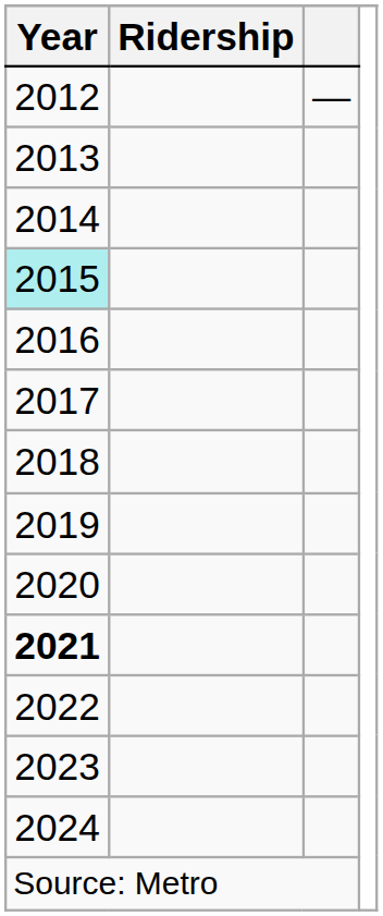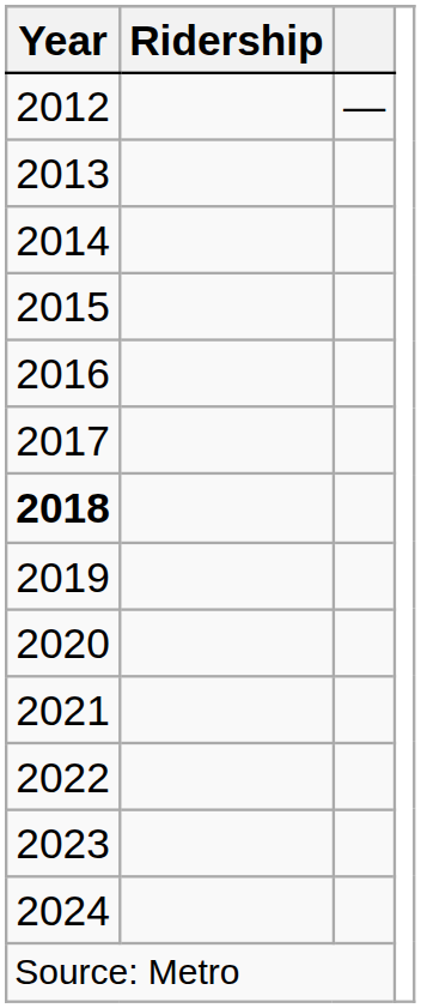 <table class="wikitable" style="border-spacing: 1px; text-align:center; font-size:95%;">
 <tr>
 </tr>
 <tr>
 <th style="border-bottom:1px solid black">Year</th>
 <th style="border-bottom:1px solid black">Ridership</th>
 <th style="border-bottom:1px solid black"></th>
 <th rowspan="15" style="background:#fff;"></th>
 </tr>
 <tr>
 <td>2012</td>
 <td></td>
 <td>—</td>
 </tr>
 <tr>
 <td>2013</td>
 <td></td>
 <td></td>
 </tr>
 <tr>
 <td>2014</td>
 <td></td>
 <td></td>
 </tr>
 <tr>
-<td style="background: paleturquoise;">2015</td>
+<td>2015</td>
 <td></td>
 <td></td>
 </tr>
 <tr>
 <td>2016</td>
 <td></td>
 <td></td>
 </tr>
 <tr>
 <td>2017</td>
 <td></td>
 <td></td>
 </tr>
 <tr>
-<td>2018</td>
+<td><strong>2018</strong></td>
 <td></td>
 <td></td>
 </tr>
 <tr>
 <td>2019</td>
 <td></td>
 <td></td>
 </tr>
 <tr>
 <td>2020</td>
 <td></td>
 <td></td>
 </tr>
 <tr>
-<td><strong>2021</strong></td>
+<td>2021</td>
 <td></td>
 <td></td>
 </tr>
 <tr>
 <td>2022</td>
 <td></td>
 <td></td>
 </tr>
 <tr>
 <td>2023</td>
 <td></td>
 <td></td>
 </tr>
 <tr>
 <td>2024</td>
 <td></td>
 <td></td>
 </tr>
 <tr class="sortbottom">
 <td colspan="3" style="border-top:1px solid black; font-size:85%; text-align:left">Source: Metro</td>
 </tr>
 </table>
